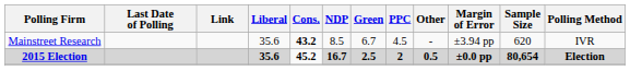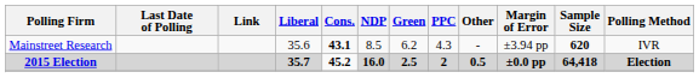 <table class="wikitable sortable" style="text-align:center;font-size:90%;line-height:14px;">
 <tr style="background:#e9e9e9;">
 <th style="width:120px">Polling Firm</th>
 <th style="width:110px">Last Date<br>of Polling</th>
 <th style="width:60px" class="unsortable">Link</th>
 <th style="background-color:"><strong><a href='#'>Liberal</a></strong></th>
 <th style="background-color:"><strong><a href='#'>Cons.</a></strong></th>
 <th style="background-color:"><strong><a href='#'>NDP</a></strong></th>
 <th style="background-color:"><strong><a href='#'>Green</a></strong></th>
 <th style="background-color:"><strong><a href='#'>PPC</a></strong></th>
 <th style="background-color:"><strong>Other</strong></th>
 <th style="width:60px;" class="unsortable">Margin<br>of Error</th>
 <th style="width:50px;" class="unsortable">Sample<br>Size</th>
 <th class="unsortable">Polling Method</th>
 </tr>
 <tr>
 <td><a href='#'>Mainstreet Research</a></td>
 <td></td>
 <td></td>
 <td>35.6</td>
-<td><strong>43.2</strong></td>
+<td><strong>43.1</strong></td>
 <td>8.5</td>
-<td>6.7</td>
-<td>4.5</td>
+<td>6.2</td>
+<td>4.3</td>
 <td>-</td>
 <td>±3.94 pp</td>
-<td>620</td>
+<td><strong>620</strong></td>
 <td>IVR</td>
 </tr>
 <tr>
 <td style="background:#D5D5D5"><strong><a href='#'>2015 Election</a></strong></td>
 <td style="background:#D5D5D5"><strong></strong></td>
 <td style="background:#D5D5D5"></td>
-<td style="background:#D5D5D5"><strong>35.6</strong></td>
+<td style="background:#D5D5D5"><strong>35.7</strong></td>
 <td><strong>45.2</strong></td>
-<td style="background:#D5D5D5"><strong>16.7</strong></td>
+<td style="background:#D5D5D5"><strong>16.0</strong></td>
 <td style="background:#D5D5D5"><strong>2.5</strong></td>
 <td style="background:#D5D5D5"><strong>2</strong></td>
 <td style="background:#D5D5D5"><strong>0.5</strong></td>
 <td style="background:#D5D5D5"><strong>±0.0 pp</strong></td>
-<td style="background:#D5D5D5"><strong>80,654</strong></td>
+<td style="background:#D5D5D5"><strong>64,418</strong></td>
 <td style="background:#D5D5D5"><strong>Election</strong></td>
 </tr>
 <tr>
 </tr>
 <tr>
 </tr>
 </table>
